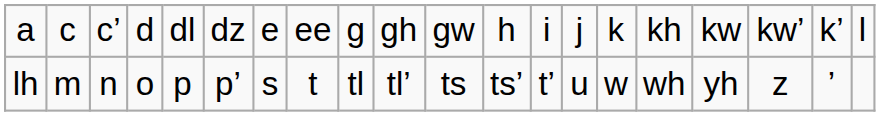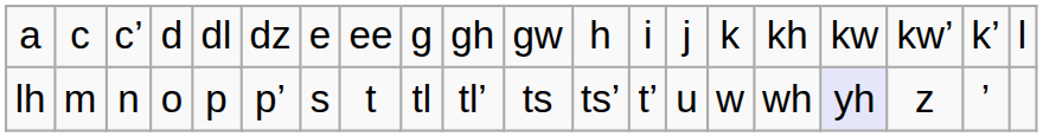 <table class="wikitable" style="text-align: center;">
 <tr>
 <td>a</td>
 <td>c</td>
 <td>c’</td>
 <td>d</td>
 <td>dl</td>
 <td>dz</td>
 <td>e</td>
 <td>ee</td>
 <td>g</td>
 <td>gh</td>
 <td>gw</td>
 <td>h</td>
 <td>i</td>
 <td>j</td>
 <td>k</td>
 <td>kh</td>
 <td>kw</td>
 <td>kw’</td>
 <td>k’</td>
 <td>l</td>
 </tr>
 <tr>
 <td>lh</td>
 <td>m</td>
 <td>n</td>
 <td>o</td>
 <td>p</td>
 <td>p’</td>
 <td>s</td>
 <td>t</td>
 <td>tl</td>
 <td>tl’</td>
 <td>ts</td>
 <td>ts’</td>
 <td>t’</td>
 <td>u</td>
 <td>w</td>
 <td>wh</td>
-<td>yh</td>
+<td style="background: lavender;">yh</td>
 <td>z</td>
 <td>’</td>
 </tr>
 </table>
